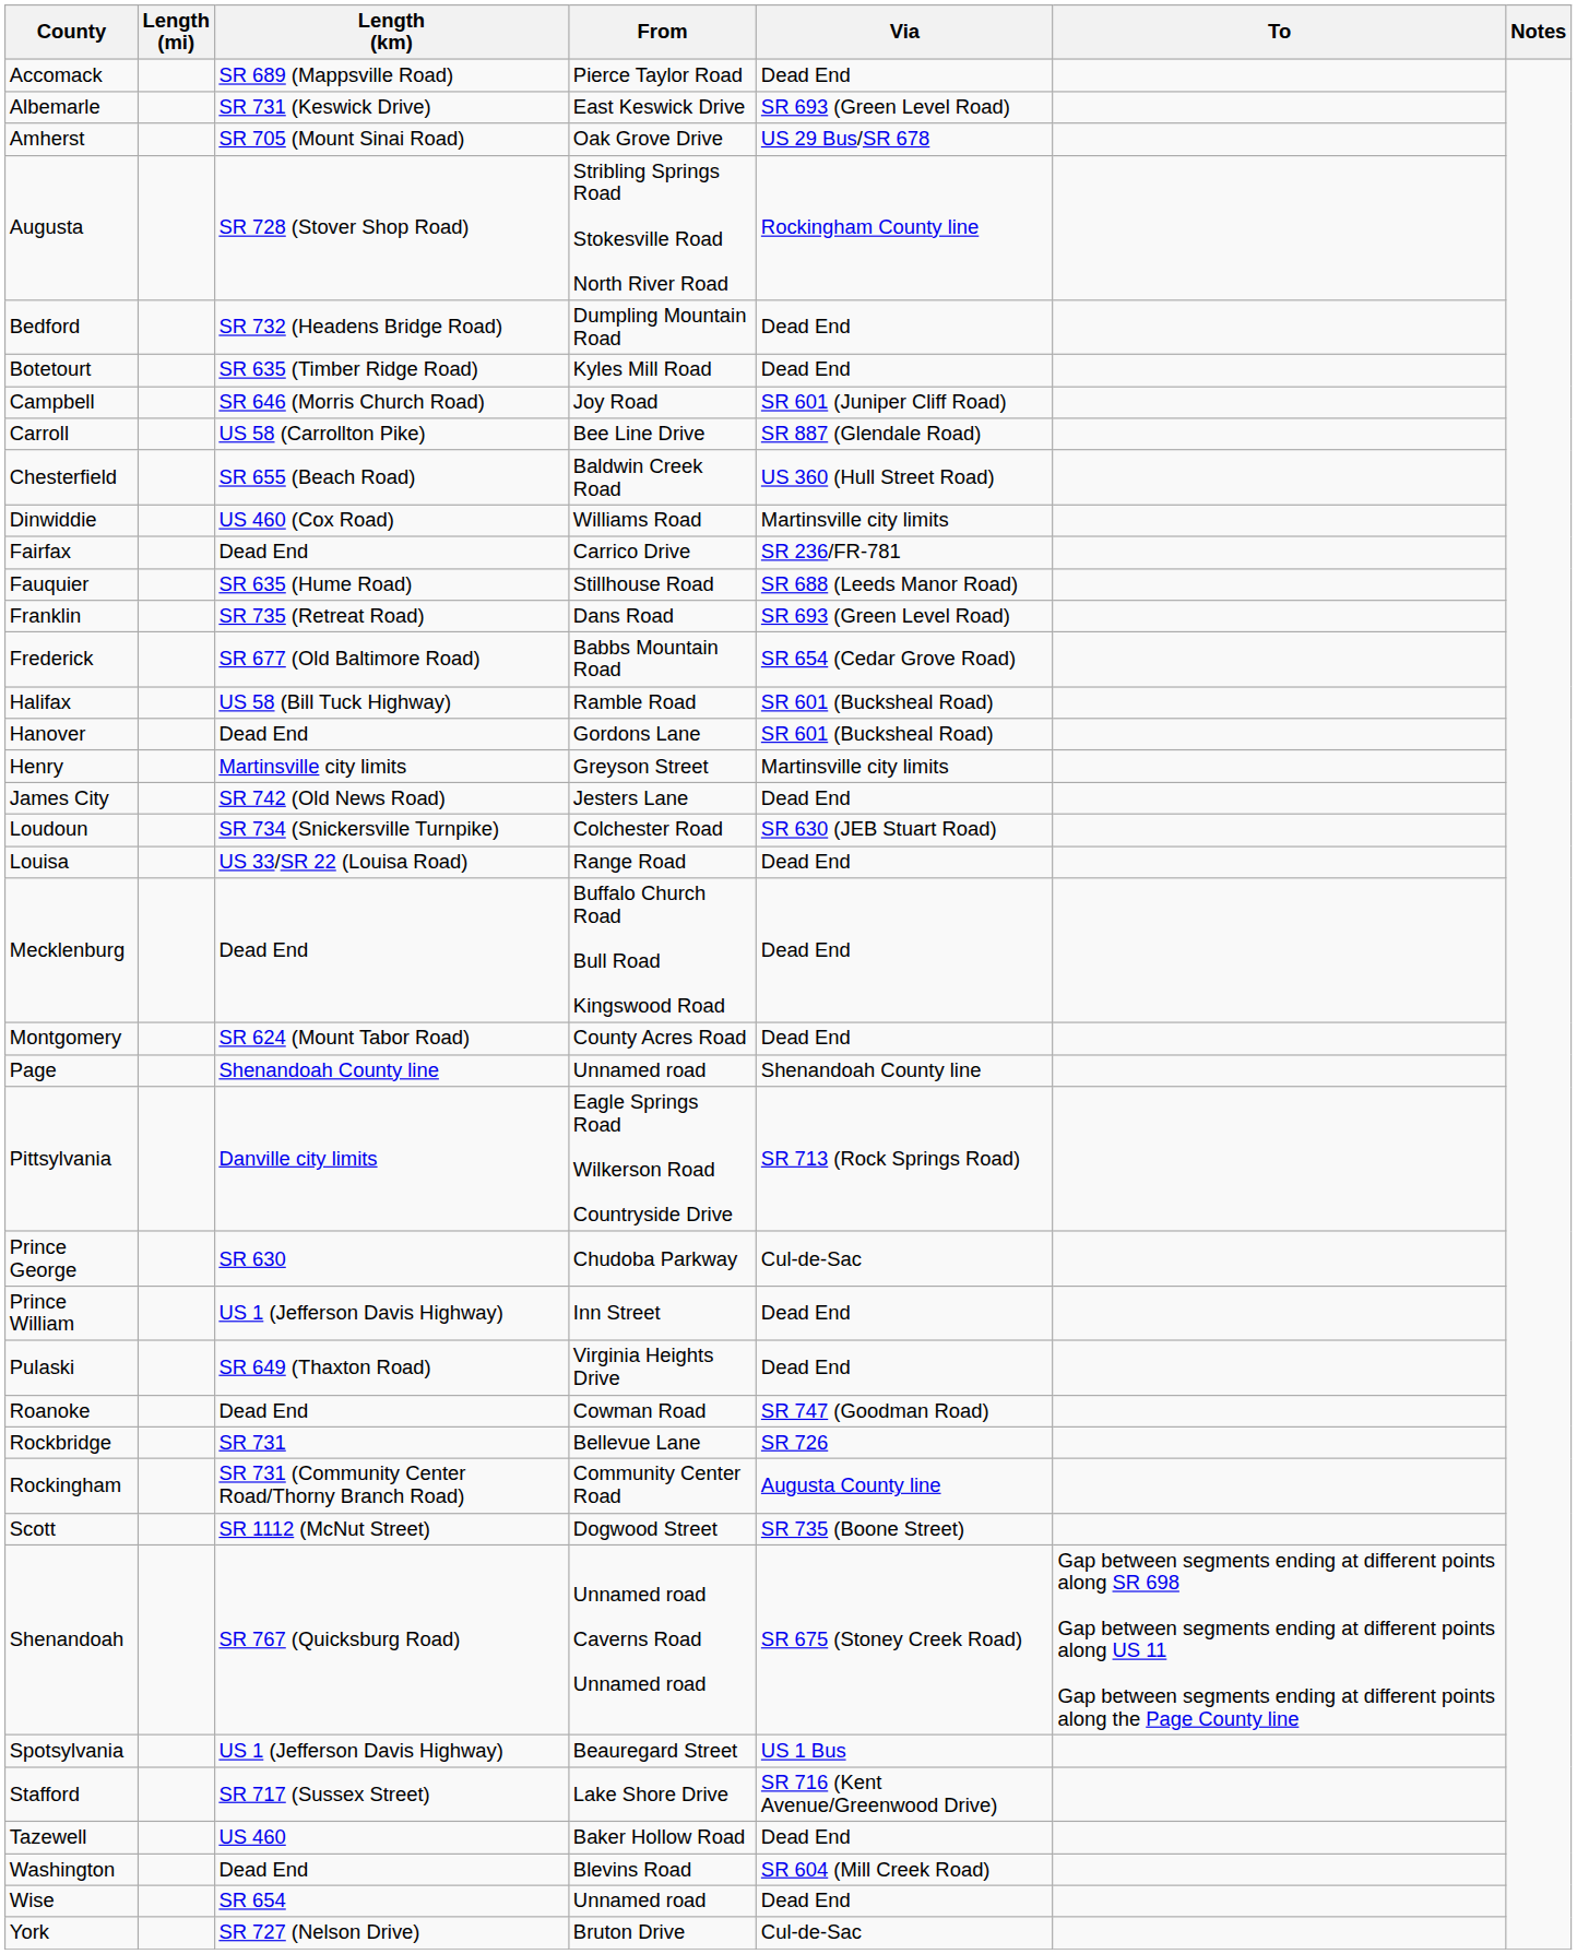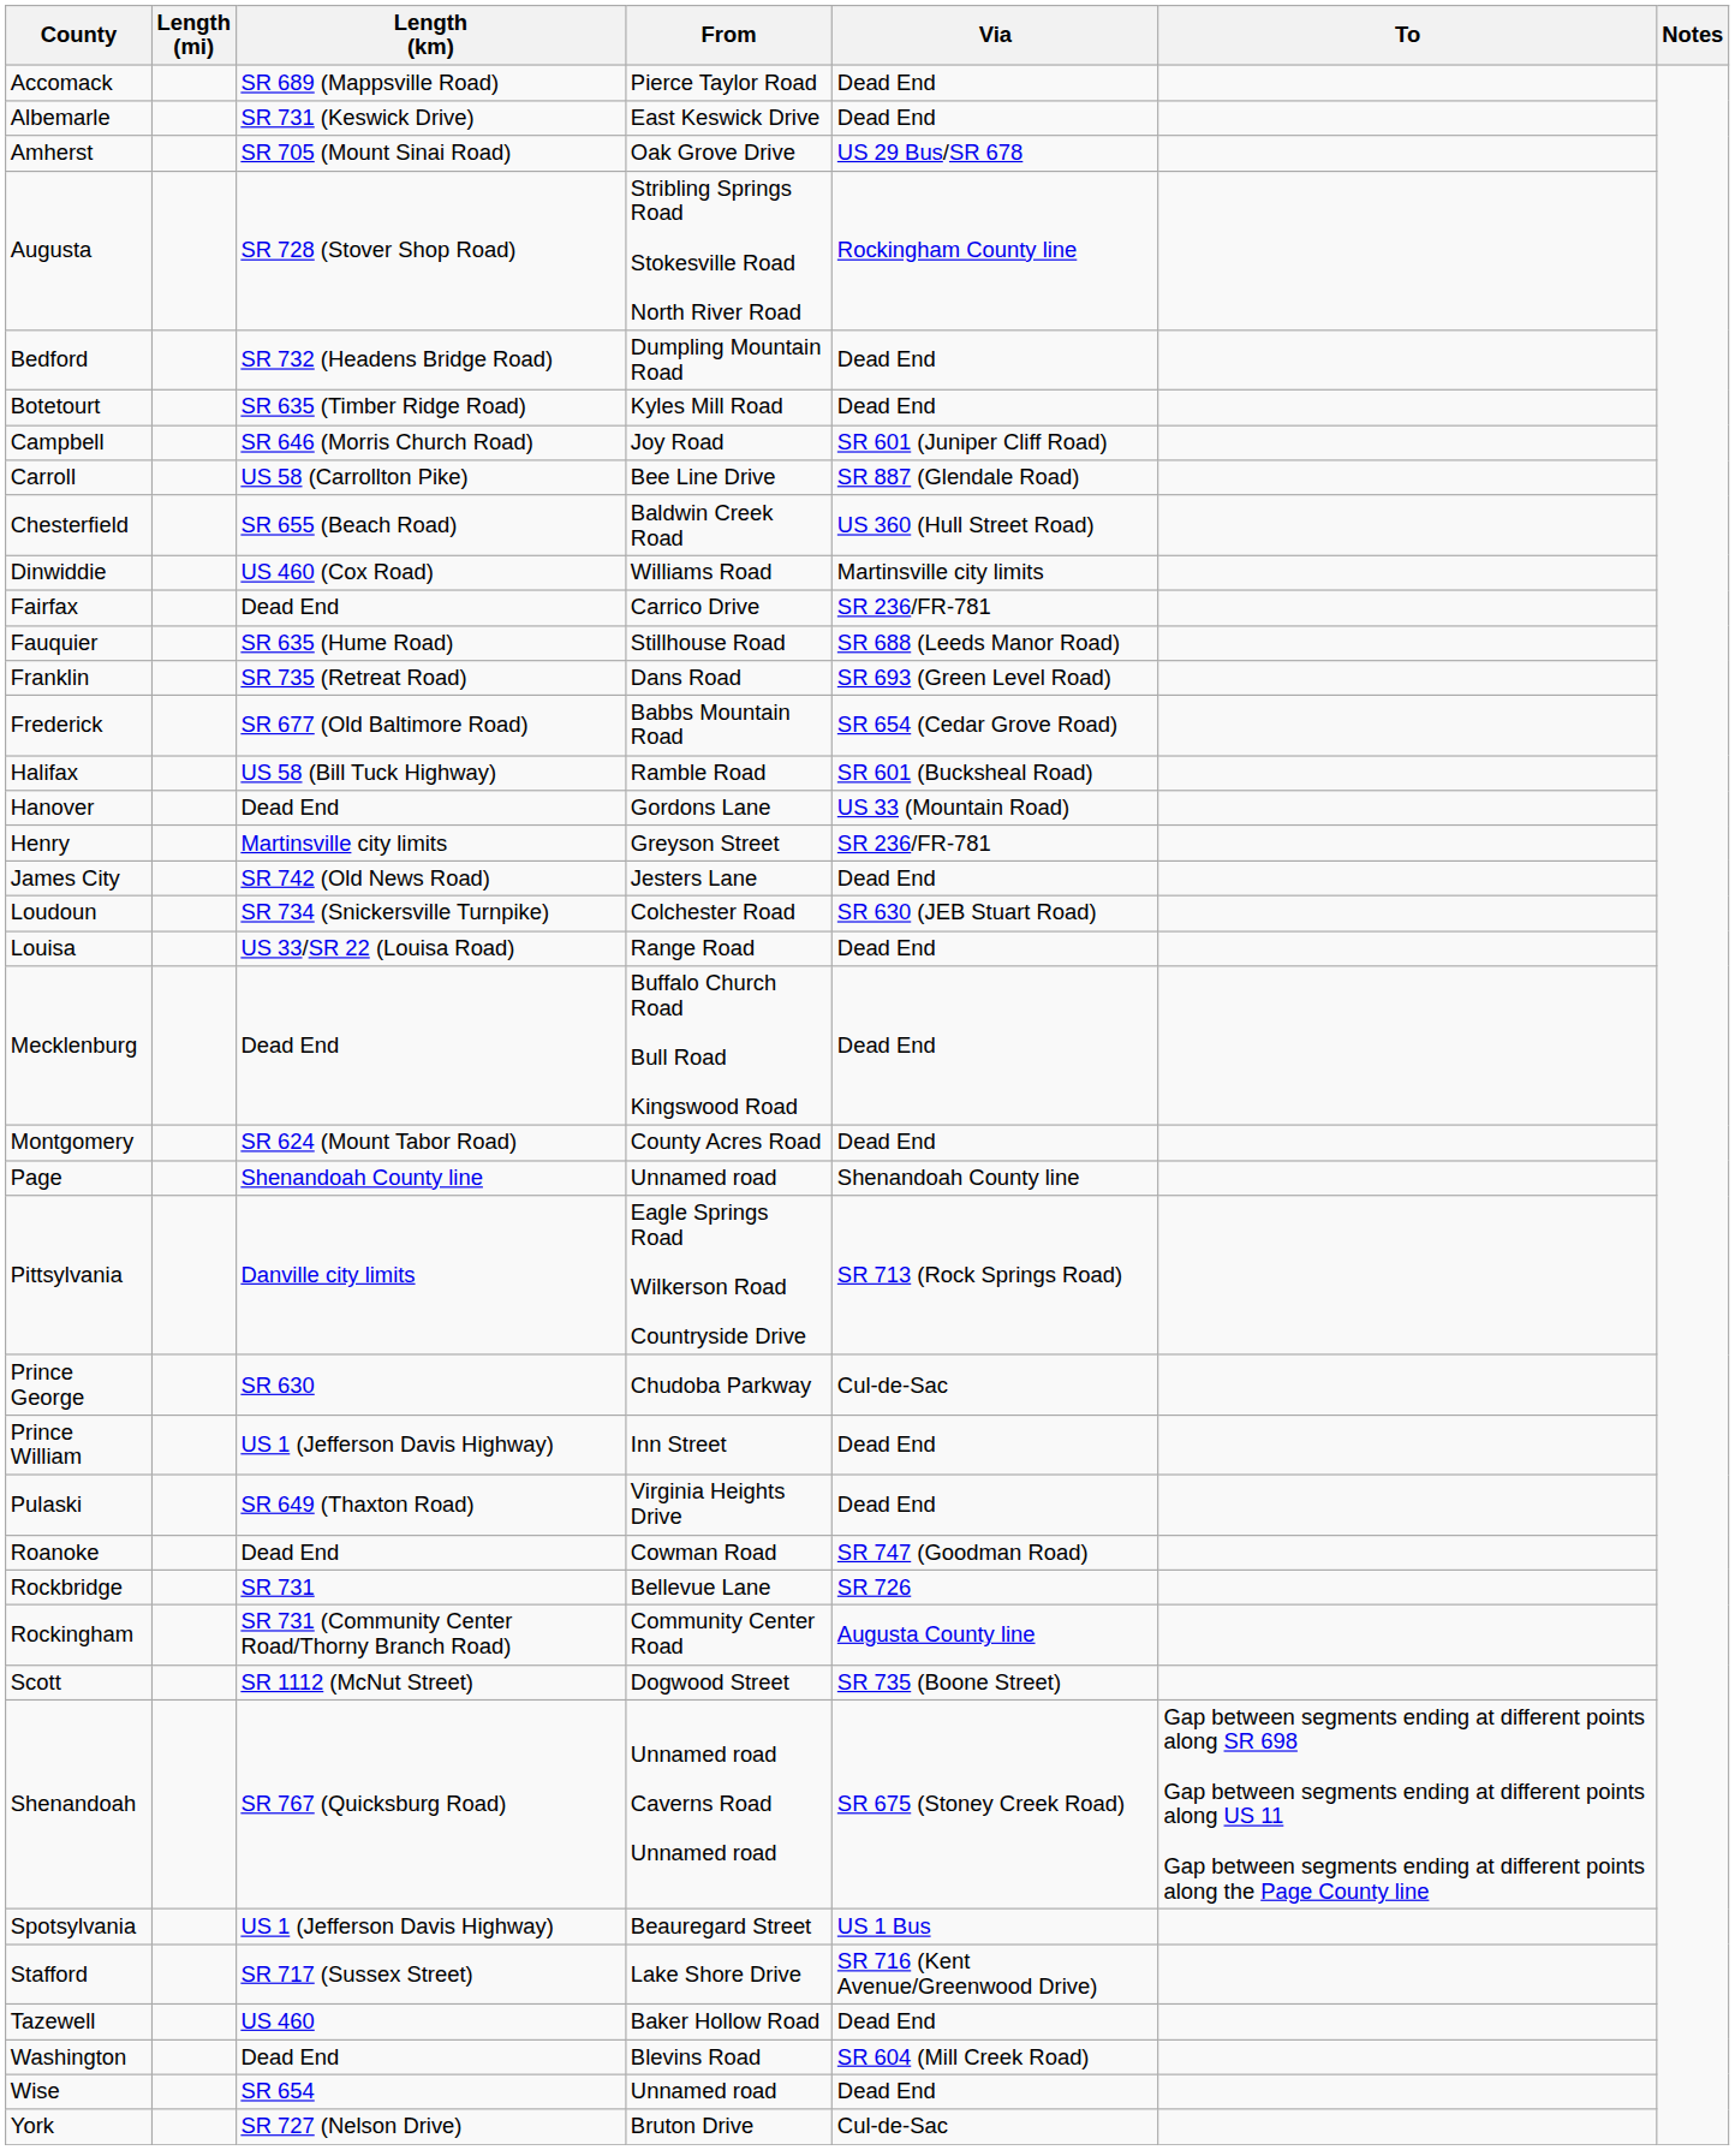 <table class="wikitable sortable">
 <tr>
 <th>County</th>
 <th>Length<br>(mi)</th>
 <th>Length<br>(km)</th>
 <th class="unsortable">From</th>
 <th class="unsortable">Via</th>
 <th class="unsortable">To</th>
 <th class="unsortable">Notes</th>
 </tr>
 <tr>
 <td id="Accomack">Accomack</td>
 <td></td>
 <td><a href='#'>SR 689</a> (Mappsville Road)</td>
 <td>Pierce Taylor Road</td>
 <td>Dead End</td>
 <td></td>
 </tr>
 <tr>
 <td id="Albemarle">Albemarle</td>
 <td></td>
 <td><a href='#'>SR 731</a> (Keswick Drive)</td>
 <td>East Keswick Drive</td>
-<td><a href='#'>SR 693</a> (Green Level Road)</td>
+<td>Dead End</td>
 <td><br> </td>
 </tr>
 <tr>
 <td id="Amherst">Amherst</td>
 <td></td>
 <td><a href='#'>SR 705</a> (Mount Sinai Road)</td>
 <td>Oak Grove Drive</td>
 <td><a href='#'>US 29 Bus</a>/<a href='#'>SR 678</a></td>
 <td><br> </td>
 </tr>
 <tr>
 <td id="Augusta">Augusta</td>
 <td></td>
 <td><a href='#'>SR 728</a> (Stover Shop Road)</td>
 <td>Stribling Springs Road<br><br>Stokesville Road<br><br>North River Road</td>
 <td><a href='#'>Rockingham County line</a></td>
 <td><br></td>
 </tr>
 <tr>
 <td id="Bedford">Bedford</td>
 <td></td>
 <td><a href='#'>SR 732</a> (Headens Bridge Road)</td>
 <td>Dumpling Mountain Road</td>
 <td>Dead End</td>
 <td><br></td>
 </tr>
 <tr>
 <td id="Botetourt">Botetourt</td>
 <td></td>
 <td><a href='#'>SR 635</a> (Timber Ridge Road)</td>
 <td>Kyles Mill Road</td>
 <td>Dead End</td>
 <td><br>  </td>
 </tr>
 <tr>
 <td id="Campbell">Campbell</td>
 <td></td>
 <td><a href='#'>SR 646</a> (Morris Church Road)</td>
 <td>Joy Road</td>
 <td><a href='#'>SR 601</a> (Juniper Cliff Road)</td>
 <td><br></td>
 </tr>
 <tr>
 <td id="Carroll">Carroll</td>
 <td></td>
 <td><a href='#'>US 58</a> (Carrollton Pike)</td>
 <td>Bee Line Drive</td>
 <td><a href='#'>SR 887</a> (Glendale Road)</td>
 <td><br> </td>
 </tr>
 <tr>
 <td id="Chesterfield">Chesterfield</td>
 <td></td>
 <td><a href='#'>SR 655</a> (Beach Road)</td>
 <td>Baldwin Creek Road</td>
 <td><a href='#'>US 360</a> (Hull Street Road)</td>
 <td><br>    </td>
 </tr>
 <tr>
 <td id="Dinwiddie">Dinwiddie</td>
 <td></td>
 <td><a href='#'>US 460</a> (Cox Road)</td>
 <td>Williams Road</td>
 <td>Martinsville city limits</td>
 <td><br></td>
 </tr>
 <tr>
 <td id="Fairfax">Fairfax</td>
 <td></td>
 <td>Dead End</td>
 <td>Carrico Drive</td>
 <td><a href='#'>SR 236</a>/FR-781</td>
 <td></td>
 </tr>
 <tr>
 <td id="Fauquier">Fauquier</td>
 <td></td>
 <td><a href='#'>SR 635</a> (Hume Road)</td>
 <td>Stillhouse Road</td>
 <td><a href='#'>SR 688</a> (Leeds Manor Road)</td>
 <td><br> </td>
 </tr>
 <tr>
 <td id="Franklin">Franklin</td>
 <td></td>
 <td><a href='#'>SR 735</a> (Retreat Road)</td>
 <td>Dans Road</td>
 <td><a href='#'>SR 693</a> (Green Level Road)</td>
 <td></td>
 </tr>
 <tr>
 <td id="Frederick">Frederick</td>
 <td></td>
 <td><a href='#'>SR 677</a> (Old Baltimore Road)</td>
 <td>Babbs Mountain Road</td>
 <td><a href='#'>SR 654</a> (Cedar Grove Road)</td>
 <td><br>     </td>
 </tr>
 <tr>
 <td id="Halifax">Halifax</td>
 <td></td>
 <td><a href='#'>US 58</a> (Bill Tuck Highway)</td>
 <td>Ramble Road</td>
 <td><a href='#'>SR 601</a> (Bucksheal Road)</td>
 <td></td>
 </tr>
 <tr>
 <td id="Hanover">Hanover</td>
 <td></td>
 <td>Dead End</td>
 <td>Gordons Lane</td>
-<td><a href='#'>SR 601</a> (Bucksheal Road)</td>
+<td><a href='#'>US 33</a> (Mountain Road)</td>
 <td><br></td>
 </tr>
 <tr>
 <td id="Henry">Henry</td>
 <td></td>
 <td><a href='#'>Martinsville</a> city limits</td>
 <td>Greyson Street</td>
-<td>Martinsville city limits</td>
+<td><a href='#'>SR 236</a>/FR-781</td>
 <td><br> </td>
 </tr>
 <tr>
 <td id="James City">James City</td>
 <td></td>
 <td><a href='#'>SR 742</a> (Old News Road)</td>
 <td>Jesters Lane</td>
 <td>Dead End</td>
 <td><br>    </td>
 </tr>
 <tr>
 <td id="Loudoun">Loudoun</td>
 <td></td>
 <td><a href='#'>SR 734</a> (Snickersville Turnpike)</td>
 <td>Colchester Road</td>
 <td><a href='#'>SR 630</a> (JEB Stuart Road)</td>
 <td></td>
 </tr>
 <tr>
 <td id="Louisa">Louisa</td>
 <td></td>
 <td><a href='#'>US 33</a>/<a href='#'>SR 22</a> (Louisa Road)</td>
 <td>Range Road</td>
 <td>Dead End</td>
 <td><br>  </td>
 </tr>
 <tr>
 <td id="Mecklenburg">Mecklenburg</td>
 <td></td>
 <td>Dead End</td>
 <td>Buffalo Church Road<br><br>Bull Road<br><br>Kingswood Road</td>
 <td>Dead End</td>
 <td><br></td>
 </tr>
 <tr>
 <td id="Montgomery">Montgomery</td>
 <td></td>
 <td><a href='#'>SR 624</a> (Mount Tabor Road)</td>
 <td>County Acres Road</td>
 <td>Dead End</td>
 <td><br>     </td>
 </tr>
 <tr>
 <td id="Page">Page</td>
 <td></td>
 <td><a href='#'>Shenandoah County line</a></td>
 <td>Unnamed road</td>
 <td>Shenandoah County line</td>
 <td><br></td>
 </tr>
 <tr>
 <td id="Pittsylvania">Pittsylvania</td>
 <td></td>
 <td><a href='#'>Danville city limits</a></td>
 <td>Eagle Springs Road<br><br>Wilkerson Road<br><br>Countryside Drive</td>
 <td><a href='#'>SR 713</a> (Rock Springs Road)</td>
 <td><br> </td>
 </tr>
 <tr>
 <td id="Prince George">Prince George</td>
 <td></td>
 <td><a href='#'>SR 630</a></td>
 <td>Chudoba Parkway</td>
 <td>Cul-de-Sac</td>
 <td></td>
 </tr>
 <tr>
 <td id="Prince William">Prince William</td>
 <td></td>
 <td><a href='#'>US 1</a> (Jefferson Davis Highway)</td>
 <td>Inn Street</td>
 <td>Dead End</td>
 <td></td>
 </tr>
 <tr>
 <td id="Pulaski">Pulaski</td>
 <td></td>
 <td><a href='#'>SR 649</a> (Thaxton Road)</td>
 <td>Virginia Heights Drive</td>
 <td>Dead End</td>
 <td><br> </td>
 </tr>
 <tr>
 <td id="Roanoke">Roanoke</td>
 <td></td>
 <td>Dead End</td>
 <td>Cowman Road</td>
 <td><a href='#'>SR 747</a> (Goodman Road)</td>
 <td></td>
 </tr>
 <tr>
 <td id="Rockbridge">Rockbridge</td>
 <td></td>
 <td><a href='#'>SR 731</a></td>
 <td>Bellevue Lane</td>
 <td><a href='#'>SR 726</a></td>
 <td></td>
 </tr>
 <tr>
 <td id="Rockingham">Rockingham</td>
 <td></td>
 <td><a href='#'>SR 731</a> (Community Center Road/Thorny Branch Road)</td>
 <td>Community Center Road</td>
 <td><a href='#'>Augusta County line</a></td>
 <td><br></td>
 </tr>
 <tr>
 <td id="Scott">Scott</td>
 <td></td>
 <td><a href='#'>SR 1112</a> (McNut Street)</td>
 <td>Dogwood Street</td>
 <td><a href='#'>SR 735</a> (Boone Street)</td>
 <td></td>
 </tr>
 <tr>
 <td id="Shenandoah">Shenandoah</td>
 <td></td>
 <td><a href='#'>SR 767</a> (Quicksburg Road)</td>
 <td>Unnamed road<br><br>Caverns Road<br><br>Unnamed road</td>
 <td><a href='#'>SR 675</a> (Stoney Creek Road)</td>
 <td>Gap between segments ending at different points along <a href='#'>SR 698</a><br><br>Gap between segments ending at different points along <a href='#'>US 11</a><br><br>Gap between segments ending at different points along the <a href='#'>Page County line</a><br> </td>
 </tr>
 <tr>
 <td id="Spotsylvania">Spotsylvania</td>
 <td></td>
 <td><a href='#'>US 1</a> (Jefferson Davis Highway)</td>
 <td>Beauregard Street</td>
 <td><a href='#'>US 1 Bus</a></td>
 <td></td>
 </tr>
 <tr>
 <td id="Stafford">Stafford</td>
 <td></td>
 <td><a href='#'>SR 717</a> (Sussex Street)</td>
 <td>Lake Shore Drive</td>
 <td><a href='#'>SR 716</a> (Kent Avenue/Greenwood Drive)</td>
 <td><br> </td>
 </tr>
 <tr>
 <td id="Tazewell">Tazewell</td>
 <td></td>
 <td><a href='#'>US 460</a></td>
 <td>Baker Hollow Road</td>
 <td>Dead End</td>
 <td><br></td>
 </tr>
 <tr>
 <td id="Washington">Washington</td>
 <td></td>
 <td>Dead End</td>
 <td>Blevins Road</td>
 <td><a href='#'>SR 604</a> (Mill Creek Road)</td>
 <td><br></td>
 </tr>
 <tr>
 <td id="Wise">Wise</td>
 <td></td>
 <td><a href='#'>SR 654</a></td>
 <td>Unnamed road</td>
 <td>Dead End</td>
 <td><br></td>
 </tr>
 <tr>
 <td id="York">York</td>
 <td></td>
 <td><a href='#'>SR 727</a> (Nelson Drive)</td>
 <td>Bruton Drive</td>
 <td>Cul-de-Sac</td>
 <td></td>
 </tr>
 </table>
